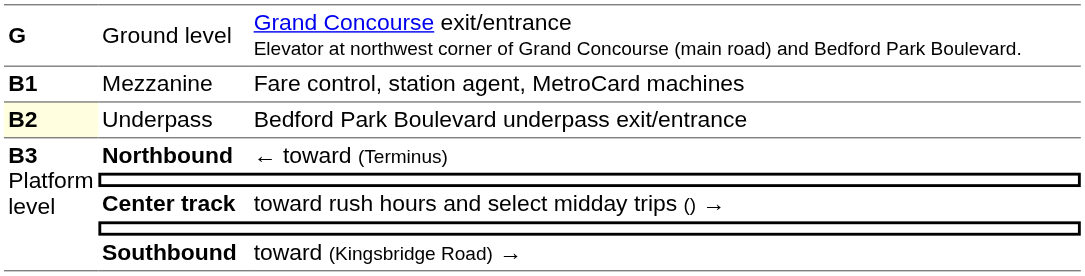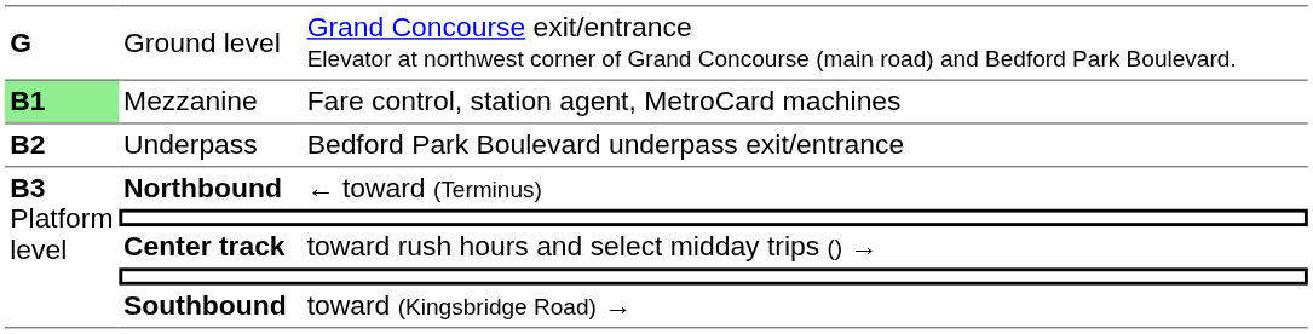 <table border=0 cellspacing=0 cellpadding=3>
 <tr>
 <td style="border-top:solid 1px gray;" width=50><strong>G</strong></td>
 <td style="border-top:solid 1px gray;" width=100>Ground level</td>
 <td style="border-top:solid 1px gray;" width=575><a href='#'>Grand Concourse</a> exit/entrance<br> <small>Elevator at northwest corner of Grand Concourse (main road) and Bedford Park Boulevard.</small></td>
 </tr>
 <tr>
-<td style="border-top:solid 1px gray;"><strong>B1</strong></td>
+<td style="background: lightgreen; border-top:solid 1px gray;"><strong>B1</strong></td>
 <td style="border-top:solid 1px gray;">Mezzanine</td>
 <td style="border-top:solid 1px gray;">Fare control, station agent, MetroCard machines</td>
 </tr>
 <tr>
-<td style="background: lightyellow; border-top:solid 1px gray;"><strong>B2</strong></td>
+<td style="border-top:solid 1px gray;"><strong>B2</strong></td>
 <td style="border-top:solid 1px gray;">Underpass</td>
 <td style="border-top:solid 1px gray;">Bedford Park Boulevard underpass exit/entrance</td>
 </tr>
 <tr>
 <td style="border-top:solid 1px gray;border-bottom:solid 1px gray;" rowspan=5 valign=top><strong>B3</strong><br>Platform level</td>
 <td style="border-top:solid 1px gray;"><span><strong>Northbound</strong></span></td>
 <td style="border-top:solid 1px gray;">←  toward  <small>(Terminus)</small></td>
 </tr>
 <tr>
 <td style="border-top:solid 2px black;border-right:solid 2px black;border-left:solid 2px black;border-bottom:solid 2px black;text-align:center;" colspan=2></td>
 </tr>
 <tr>
 <td><span><strong>Center track</strong></span></td>
 <td>  toward  rush hours and select midday trips <small>()</small> →</td>
 </tr>
 <tr>
 <td style="border-top:solid 2px black;border-right:solid 2px black;border-left:solid 2px black;border-bottom:solid 2px black;text-align:center;" colspan=2></td>
 </tr>
 <tr>
 <td style="border-bottom:solid 1px gray;"><span><strong>Southbound</strong></span></td>
 <td style="border-bottom:solid 1px gray;">  toward  <small>(Kingsbridge Road)</small> →</td>
 </tr>
 </table>
